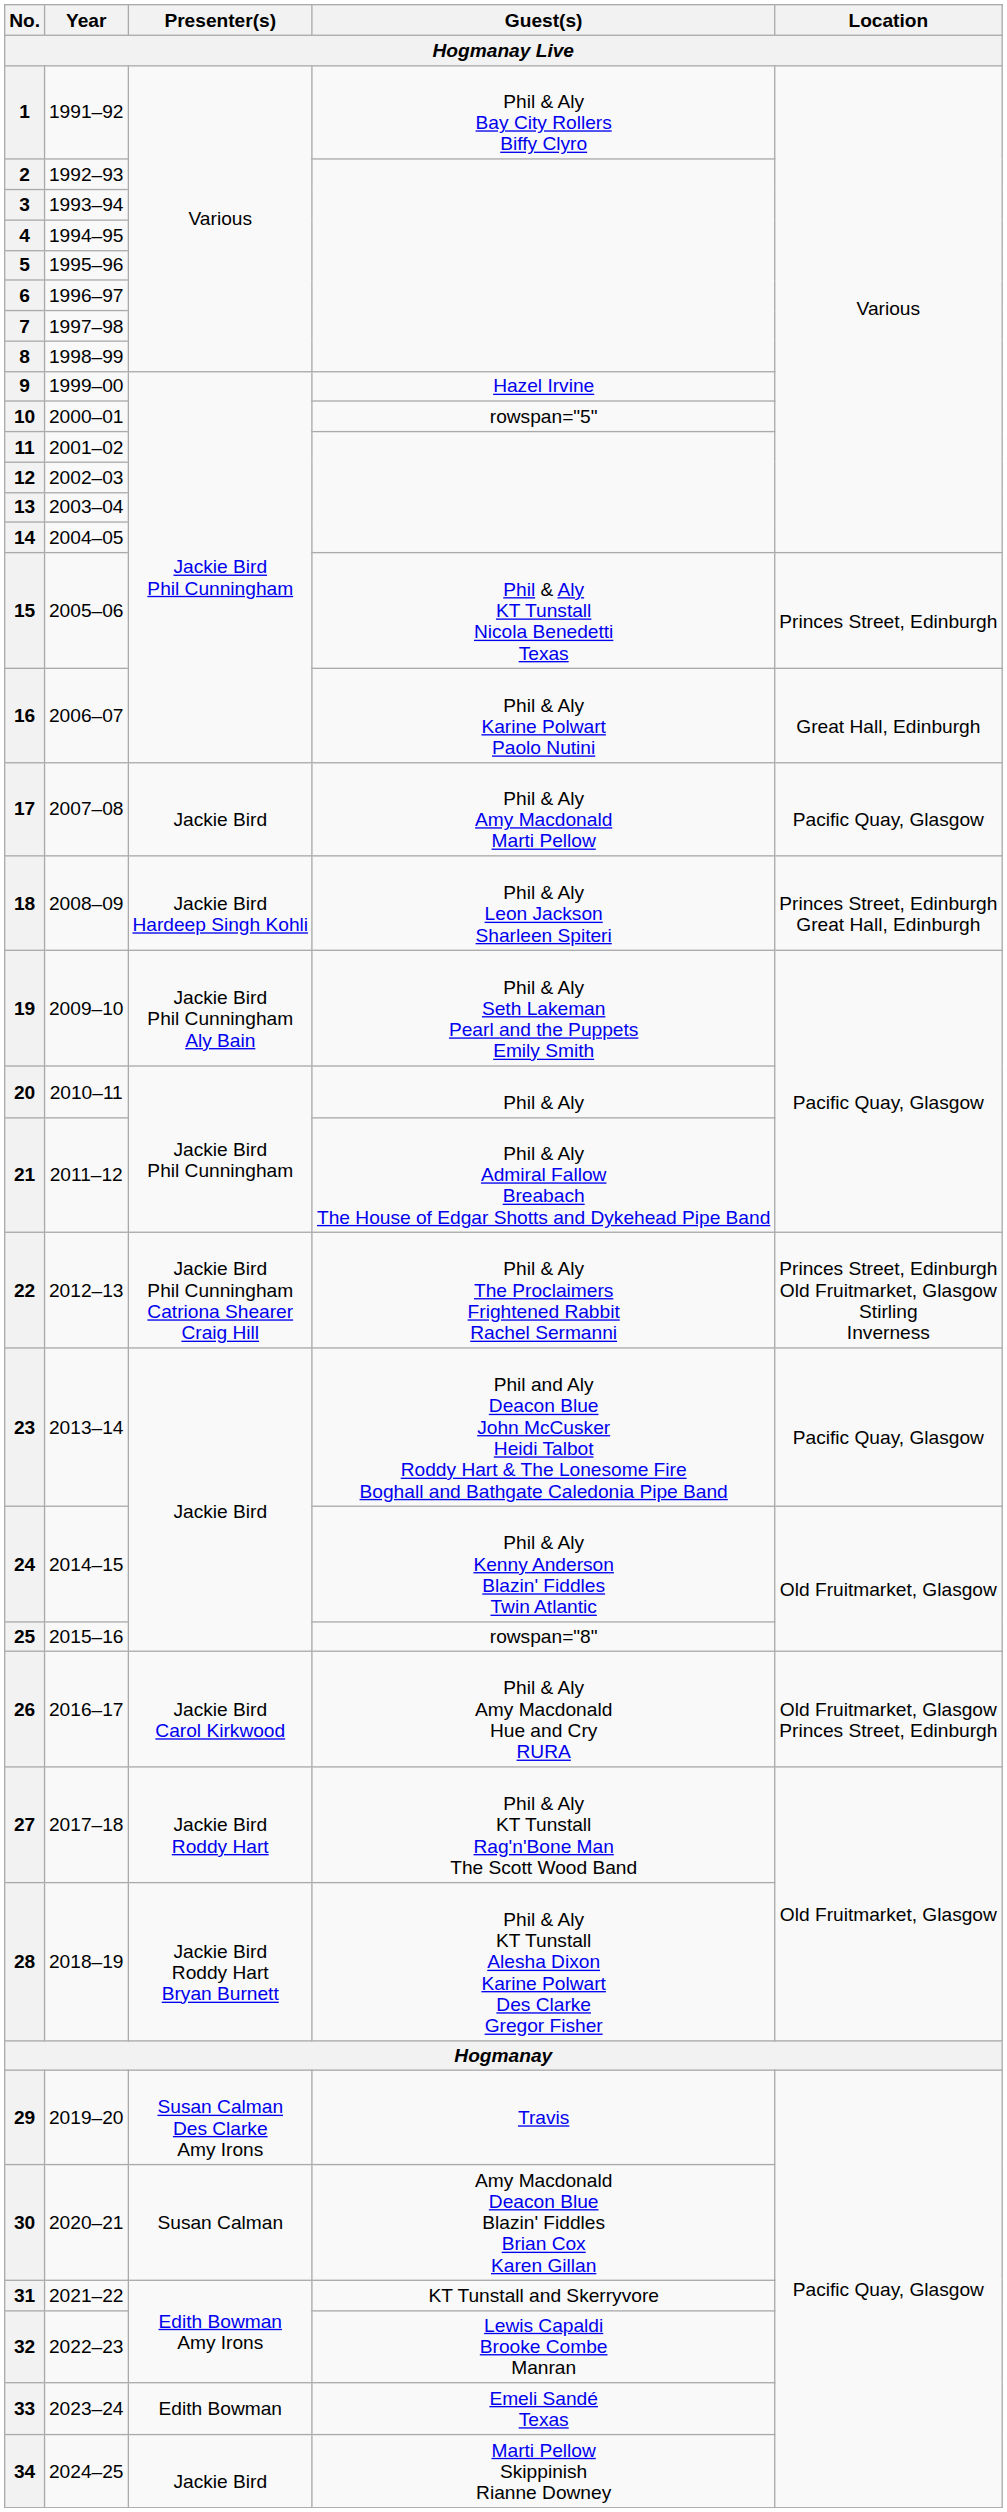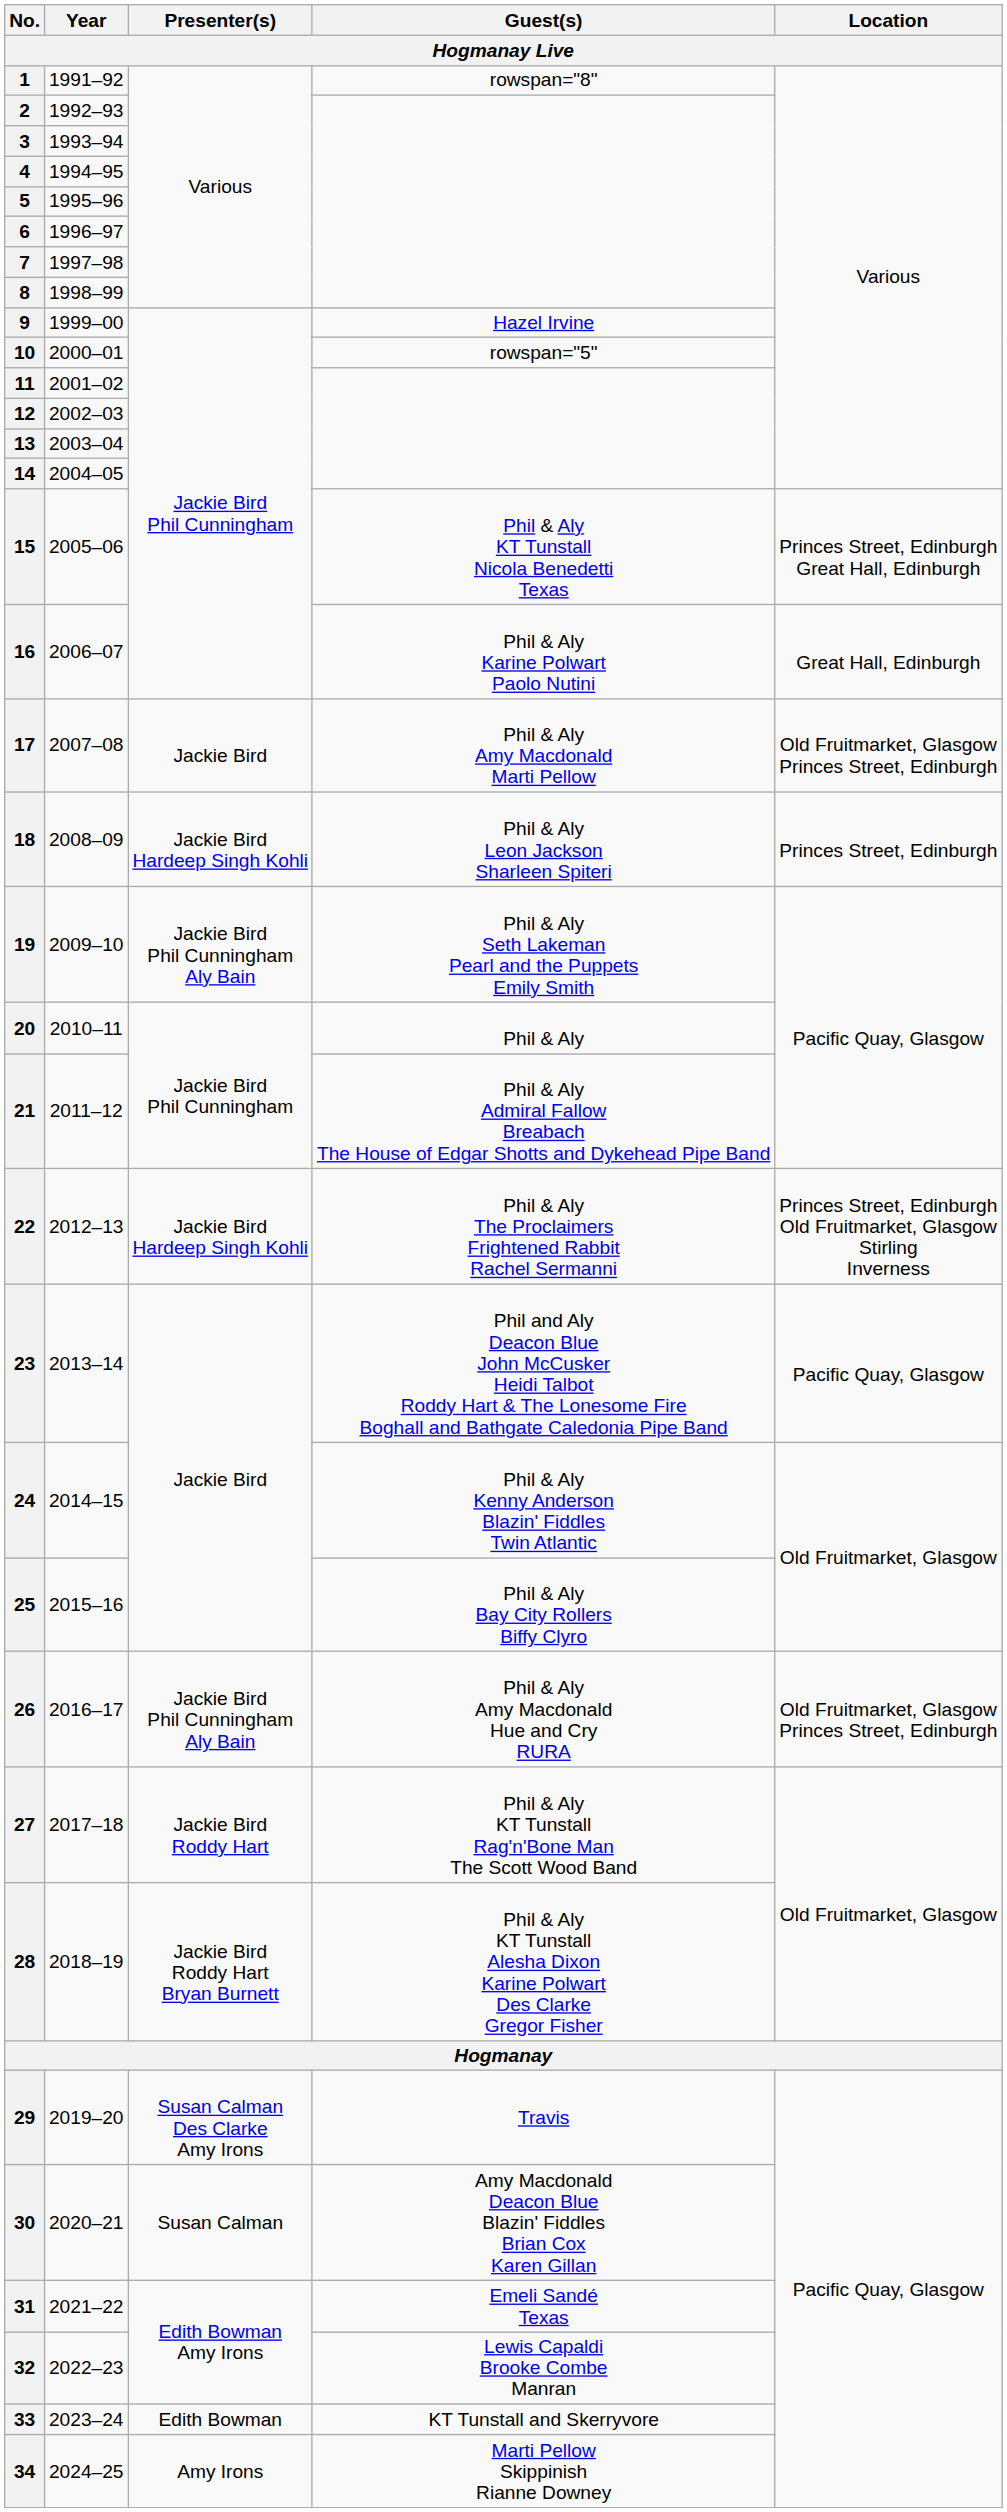 <table class="wikitable" style="text-align:center; font-size:90%;">
 <tr>
 <th>No.</th>
 <th>Year</th>
 <th>Presenter(s)</th>
 <th>Guest(s)</th>
 <th>Location</th>
 </tr>
 <tr>
 <th colspan="5"><em>Hogmanay Live</em></th>
 </tr>
 <tr>
 <th>1</th>
 <td>1991–92</td>
 <td rowspan="8">Various</td>
-<td><br>Phil & Aly<br><a href='#'>Bay City Rollers</a><br><a href='#'>Biffy Clyro</a></td>
+<td>rowspan="8" </td>
 <td rowspan="14">Various</td>
 </tr>
 <tr>
 <th>2</th>
 <td>1992–93</td>
 </tr>
 <tr>
 <th>3</th>
 <td>1993–94</td>
 </tr>
 <tr>
 <th>4</th>
 <td>1994–95</td>
 </tr>
 <tr>
 <th>5</th>
 <td>1995–96</td>
 </tr>
 <tr>
 <th>6</th>
 <td>1996–97</td>
 </tr>
 <tr>
 <th>7</th>
 <td>1997–98</td>
 </tr>
 <tr>
 <th>8</th>
 <td>1998–99</td>
 </tr>
 <tr>
 <th>9</th>
 <td>1999–00</td>
 <td rowspan="8"><br><a href='#'>Jackie Bird</a><br><a href='#'>Phil Cunningham</a></td>
 <td><a href='#'>Hazel Irvine</a></td>
 </tr>
 <tr>
 <th>10</th>
 <td>2000–01</td>
 <td>rowspan="5" </td>
 </tr>
 <tr>
 <th>11</th>
 <td>2001–02</td>
 </tr>
 <tr>
 <th>12</th>
 <td>2002–03</td>
 </tr>
 <tr>
 <th>13</th>
 <td>2003–04</td>
 </tr>
 <tr>
 <th>14</th>
 <td>2004–05</td>
 </tr>
 <tr>
 <th>15</th>
 <td>2005–06</td>
 <td><br><a href='#'>Phil</a> & <a href='#'>Aly</a><br><a href='#'>KT Tunstall</a> <br><a href='#'>Nicola Benedetti</a><br><a href='#'>Texas</a></td>
-<td><br>Princes Street, Edinburgh</td>
+<td><br>Princes Street, Edinburgh<br>Great Hall, Edinburgh</td>
 </tr>
 <tr>
 <th>16</th>
 <td>2006–07</td>
 <td><br>Phil & Aly<br><a href='#'>Karine Polwart</a><br><a href='#'>Paolo Nutini</a></td>
 <td><br>Great Hall, Edinburgh</td>
 </tr>
 <tr>
 <th>17</th>
 <td>2007–08</td>
 <td><br>Jackie Bird</td>
 <td><br>Phil & Aly<br><a href='#'>Amy Macdonald</a><br><a href='#'>Marti Pellow</a></td>
-<td><br>Pacific Quay, Glasgow</td>
+<td><br>Old Fruitmarket, Glasgow<br>Princes Street, Edinburgh</td>
 </tr>
 <tr>
 <th>18</th>
 <td>2008–09</td>
 <td><br>Jackie Bird<br><a href='#'>Hardeep Singh Kohli</a></td>
 <td><br>Phil & Aly<br><a href='#'>Leon Jackson</a><br><a href='#'>Sharleen Spiteri</a></td>
-<td><br>Princes Street, Edinburgh<br>Great Hall, Edinburgh</td>
+<td><br>Princes Street, Edinburgh</td>
 </tr>
 <tr>
 <th>19</th>
 <td>2009–10</td>
 <td><br>Jackie Bird<br>Phil Cunningham<br><a href='#'>Aly Bain</a></td>
 <td><br>Phil & Aly<br><a href='#'>Seth Lakeman</a><br><a href='#'>Pearl and the Puppets</a><br><a href='#'>Emily Smith</a></td>
 <td rowspan="3"><br>Pacific Quay, Glasgow</td>
 </tr>
 <tr>
 <th>20</th>
 <td>2010–11</td>
 <td rowspan="2"><br>Jackie Bird<br>Phil Cunningham</td>
 <td><br>Phil & Aly</td>
 </tr>
 <tr>
 <th>21</th>
 <td>2011–12</td>
 <td><br>Phil & Aly<br><a href='#'>Admiral Fallow</a><br><a href='#'>Breabach</a><br><a href='#'>The House of Edgar Shotts and Dykehead Pipe Band</a></td>
 </tr>
 <tr>
 <th>22</th>
 <td>2012–13</td>
-<td><br>Jackie Bird<br>Phil Cunningham<br><a href='#'>Catriona Shearer</a><br><a href='#'>Craig Hill</a></td>
+<td><br>Jackie Bird<br><a href='#'>Hardeep Singh Kohli</a></td>
 <td><br>Phil & Aly<br><a href='#'>The Proclaimers</a><br><a href='#'>Frightened Rabbit</a><br><a href='#'>Rachel Sermanni</a></td>
 <td><br>Princes Street, Edinburgh<br>Old Fruitmarket, Glasgow<br>Stirling<br>Inverness</td>
 </tr>
 <tr>
 <th>23</th>
 <td>2013–14</td>
 <td rowspan="3"><br>Jackie Bird</td>
 <td><br>Phil and Aly<br><a href='#'>Deacon Blue</a><br><a href='#'>John McCusker</a><br><a href='#'>Heidi Talbot</a><br><a href='#'>Roddy Hart & The Lonesome Fire</a><br><a href='#'>Boghall and Bathgate Caledonia Pipe Band</a></td>
 <td><br>Pacific Quay, Glasgow</td>
 </tr>
 <tr>
 <th>24</th>
 <td>2014–15</td>
 <td><br>Phil & Aly<br><a href='#'>Kenny Anderson</a><br><a href='#'>Blazin' Fiddles</a><br><a href='#'>Twin Atlantic</a></td>
 <td rowspan="2"><br>Old Fruitmarket, Glasgow</td>
 </tr>
 <tr>
 <th>25</th>
 <td>2015–16</td>
-<td>rowspan="8" </td>
+<td><br>Phil & Aly<br><a href='#'>Bay City Rollers</a><br><a href='#'>Biffy Clyro</a></td>
 </tr>
 <tr>
 <th>26</th>
 <td>2016–17</td>
-<td><br>Jackie Bird<br><a href='#'>Carol Kirkwood</a></td>
+<td><br>Jackie Bird<br>Phil Cunningham<br><a href='#'>Aly Bain</a></td>
 <td><br>Phil & Aly<br>Amy Macdonald<br> Hue and Cry<br><a href='#'>RURA</a></td>
 <td><br>Old Fruitmarket, Glasgow<br>Princes Street, Edinburgh</td>
 </tr>
 <tr>
 <th>27</th>
 <td>2017–18</td>
 <td><br>Jackie Bird<br><a href='#'>Roddy Hart</a></td>
 <td><br>Phil & Aly<br>KT Tunstall<br><a href='#'>Rag'n'Bone Man</a><br>The Scott Wood Band</td>
 <td rowspan="2"><br>Old Fruitmarket, Glasgow</td>
 </tr>
 <tr>
 <th>28</th>
 <td>2018–19</td>
 <td><br>Jackie Bird<br>Roddy Hart<br><a href='#'>Bryan Burnett</a></td>
 <td><br>Phil & Aly<br>KT Tunstall<br><a href='#'>Alesha Dixon</a><br><a href='#'>Karine Polwart</a><br><a href='#'>Des Clarke</a><br><a href='#'>Gregor Fisher</a></td>
 </tr>
 <tr>
 <th colspan="5"><em>Hogmanay</em></th>
 </tr>
 <tr>
 <th>29</th>
 <td>2019–20</td>
 <td><br><a href='#'>Susan Calman</a><br><a href='#'>Des Clarke</a><br>Amy Irons</td>
 <td><a href='#'>Travis</a></td>
 <td rowspan="6">Pacific Quay, Glasgow</td>
 </tr>
 <tr>
 <th>30</th>
 <td>2020–21</td>
 <td>Susan Calman</td>
 <td>Amy Macdonald<br><a href='#'>Deacon Blue</a><br>Blazin' Fiddles<br><a href='#'>Brian Cox</a><br><a href='#'>Karen Gillan</a></td>
 </tr>
 <tr>
 <th>31</th>
 <td>2021–22</td>
 <td rowspan="2"><a href='#'>Edith Bowman</a><br>Amy Irons</td>
-<td>KT Tunstall and Skerryvore</td>
+<td><a href='#'>Emeli Sandé</a><br><a href='#'>Texas</a></td>
 </tr>
 <tr>
 <th>32</th>
 <td>2022–23</td>
 <td><a href='#'>Lewis Capaldi</a><br><a href='#'>Brooke Combe</a><br>Manran</td>
 </tr>
 <tr>
 <th>33</th>
 <td>2023–24</td>
 <td>Edith Bowman</td>
-<td><a href='#'>Emeli Sandé</a><br><a href='#'>Texas</a></td>
+<td>KT Tunstall and Skerryvore</td>
 </tr>
 <tr>
 <th>34</th>
 <td>2024–25</td>
-<td><br>Jackie Bird</td>
+<td>Amy Irons</td>
 <td><a href='#'>Marti Pellow</a><br>Skippinish<br>Rianne Downey</td>
 </tr>
 </table>
